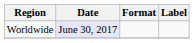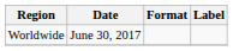 <table class="wikitable">
 <tr>
 <th>Region</th>
 <th>Date</th>
 <th>Format</th>
 <th>Label</th>
 </tr>
 <tr>
 <td>Worldwide</td>
-<td style="background: lavender;">June 30, 2017</td>
+<td>June 30, 2017</td>
 <td></td>
 <td></td>
 </tr>
 <tr>
 </tr>
 </table>
